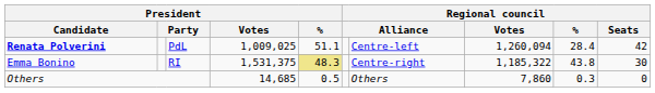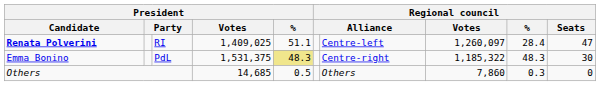 <table class="wikitable" style="text-align:right; style="width=65%">
 <tr>
 <th colspan="5">President</th>
 <th colspan="7">Regional council</th>
 </tr>
 <tr>
 <th>Candidate</th>
 <th colspan="2">Party</th>
 <th>Votes</th>
 <th>%</th>
 <th colspan="2">Alliance</th>
 <th>Votes</th>
 <th>%</th>
 <th>Seats</th>
 </tr>
 <tr>
 <td style="text-align:left"><strong><a href='#'>Renata Polverini</a></strong></td>
 <td></td>
-<td style="text-align:left"><a href='#'>PdL</a></td>
-<td>1,009,025</td>
+<td style="text-align:left"><a href='#'>RI</a></td>
+<td>1,409,025</td>
 <td>51.1</td>
 <td></td>
 <td style="text-align:left"><a href='#'>Centre-left</a></td>
-<td>1,260,094</td>
+<td>1,260,097</td>
 <td>28.4</td>
-<td>42</td>
+<td>47</td>
 </tr>
 <tr>
 <td style="text-align:left"><a href='#'>Emma Bonino</a></td>
 <td></td>
-<td style="text-align:left"><a href='#'>RI</a></td>
+<td style="text-align:left"><a href='#'>PdL</a></td>
 <td>1,531,375</td>
 <td style="background: khaki;">48.3</td>
 <td></td>
 <td style="text-align:left"><a href='#'>Centre-right</a></td>
 <td>1,185,322</td>
-<td>43.8</td>
+<td>48.3</td>
 <td>30</td>
 </tr>
 <tr>
 <td colspan="3" style="text-align:left"><em>Others</em></td>
 <td>14,685</td>
 <td>0.5</td>
 <td></td>
 <td style="text-align:left"><em>Others</em></td>
 <td>7,860</td>
 <td>0.3</td>
 <td>0</td>
 </tr>
 </table>
